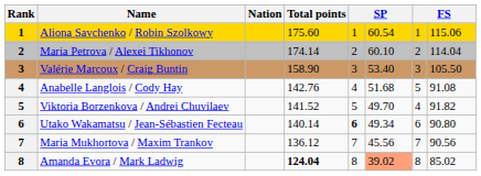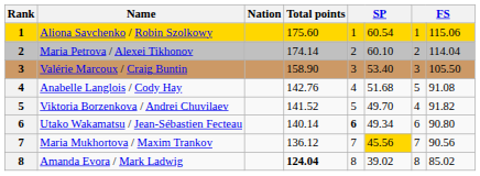 <table class="wikitable">
 <tr>
 <th>Rank</th>
 <th>Name</th>
 <th>Nation</th>
 <th>Total points</th>
 <th colspan="2" width="80px"><a href='#'>SP</a></th>
 <th colspan="2" width="80px"><a href='#'>FS</a></th>
 </tr>
 <tr bgcolor="gold">
 <td align="center"><strong>1</strong></td>
 <td><a href='#'>Aliona Savchenko</a> / <a href='#'>Robin Szolkowy</a></td>
 <td></td>
 <td>175.60</td>
 <td>1</td>
 <td>60.54</td>
 <td>1</td>
 <td>115.06</td>
 </tr>
 <tr bgcolor="silver">
 <td align="center"><strong>2</strong></td>
 <td><a href='#'>Maria Petrova</a> / <a href='#'>Alexei Tikhonov</a></td>
 <td></td>
 <td>174.14</td>
 <td>2</td>
 <td>60.10</td>
 <td>2</td>
 <td>114.04</td>
 </tr>
 <tr bgcolor="cc9966">
 <td align="center"><strong>3</strong></td>
 <td><a href='#'>Valérie Marcoux</a> / <a href='#'>Craig Buntin</a></td>
 <td></td>
 <td>158.90</td>
 <td>3</td>
 <td>53.40</td>
 <td>3</td>
 <td>105.50</td>
 </tr>
 <tr>
 <th>4</th>
 <td><a href='#'>Anabelle Langlois</a> / <a href='#'>Cody Hay</a></td>
 <td></td>
 <td>142.76</td>
 <td>4</td>
 <td>51.68</td>
 <td>5</td>
 <td>91.08</td>
 </tr>
 <tr>
 <th>5</th>
 <td><a href='#'>Viktoria Borzenkova</a> / <a href='#'>Andrei Chuvilaev</a></td>
 <td></td>
 <td>141.52</td>
 <td>5</td>
 <td>49.70</td>
 <td>4</td>
 <td>91.82</td>
 </tr>
 <tr>
 <th>6</th>
 <td><a href='#'>Utako Wakamatsu</a> / <a href='#'>Jean-Sébastien Fecteau</a></td>
 <td></td>
 <td>140.14</td>
 <td><strong>6</strong></td>
 <td>49.34</td>
 <td>6</td>
 <td>90.80</td>
 </tr>
 <tr>
 <th>7</th>
 <td><a href='#'>Maria Mukhortova</a> / <a href='#'>Maxim Trankov</a></td>
 <td></td>
 <td>136.12</td>
 <td>7</td>
-<td>45.56</td>
+<td style="background: gold;">45.56</td>
 <td>7</td>
 <td>90.56</td>
 </tr>
 <tr>
 <th>8</th>
 <td><a href='#'>Amanda Evora</a> / <a href='#'>Mark Ladwig</a></td>
 <td></td>
 <td><strong>124.04</strong></td>
 <td>8</td>
-<td style="background: lightsalmon;">39.02</td>
+<td>39.02</td>
 <td>8</td>
 <td>85.02</td>
 </tr>
 </table>
